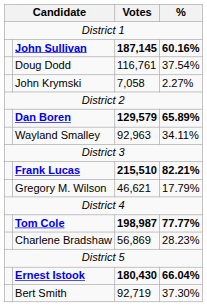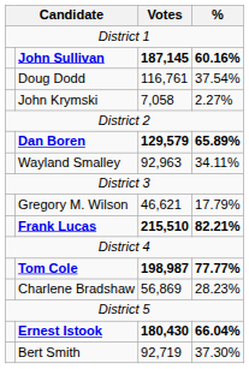 <table class="wikitable">
 <tr>
 <th colspan="2" rowspan="1" align="center" valign="top"><strong>Candidate</strong></th>
 <th valign="top"><strong>Votes</strong></th>
 <th valign="top"><strong>%</strong></th>
 </tr>
 <tr>
 <td colspan="4" align="center"><em>District 1</em></td>
 </tr>
 <tr>
 <td style="background-color:"> </td>
 <td><strong><a href='#'>John Sullivan</a></strong></td>
 <td><strong>187,145</strong></td>
 <td><strong>60.16%</strong></td>
 </tr>
 <tr>
 <td style="background-color:"> </td>
 <td>Doug Dodd</td>
 <td>116,761</td>
 <td>37.54%</td>
 </tr>
 <tr>
 <td style="background-color:"> </td>
 <td>John Krymski</td>
 <td>7,058</td>
 <td>2.27%</td>
 </tr>
 <tr>
 <td colspan="4" align="center"><em>District 2</em></td>
 </tr>
 <tr>
 <td style="background-color:"> </td>
 <td><strong><a href='#'>Dan Boren</a></strong></td>
 <td><strong>129,579</strong></td>
 <td><strong>65.89%</strong></td>
 </tr>
 <tr>
 <td style="background-color:"> </td>
 <td>Wayland Smalley</td>
 <td>92,963</td>
 <td>34.11%</td>
 </tr>
 <tr>
 <td colspan="4" align="center"><em>District 3</em></td>
 </tr>
 <tr>
 <td style="background-color:"> </td>
+<td>Gregory M. Wilson</td>
+<td>46,621</td>
+<td>17.79%</td>
+</tr>
+<tr>
+<td style="background-color:"> </td>
 <td><strong><a href='#'>Frank Lucas</a></strong></td>
 <td><strong>215,510</strong></td>
 <td><strong>82.21%</strong></td>
-</tr>
-<tr>
-<td style="background-color:"> </td>
-<td>Gregory M. Wilson</td>
-<td>46,621</td>
-<td>17.79%</td>
 </tr>
 <tr>
 <td colspan="4" align="center"><em>District 4</em></td>
 </tr>
 <tr>
 <td style="background-color:"> </td>
 <td><strong><a href='#'>Tom Cole</a></strong></td>
 <td><strong>198,987</strong></td>
 <td><strong>77.77%</strong></td>
 </tr>
 <tr>
 <td style="background-color:"> </td>
 <td>Charlene Bradshaw</td>
 <td>56,869</td>
 <td>28.23%</td>
 </tr>
 <tr>
 <td colspan="4" align="center"><em>District 5</em></td>
 </tr>
 <tr>
 <td style="background-color:"> </td>
 <td><strong><a href='#'>Ernest Istook</a></strong></td>
 <td><strong>180,430</strong></td>
 <td><strong>66.04%</strong></td>
 </tr>
 <tr>
 <td style="background-color:"> </td>
 <td>Bert Smith</td>
 <td>92,719</td>
 <td>37.30%</td>
 </tr>
 </table>
